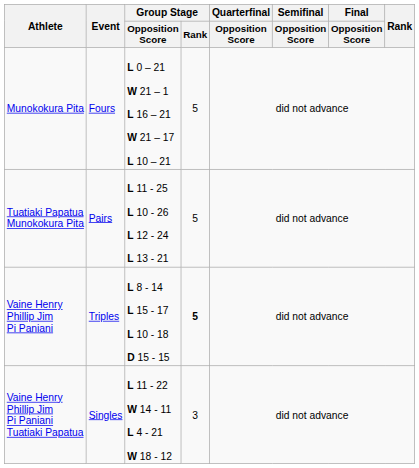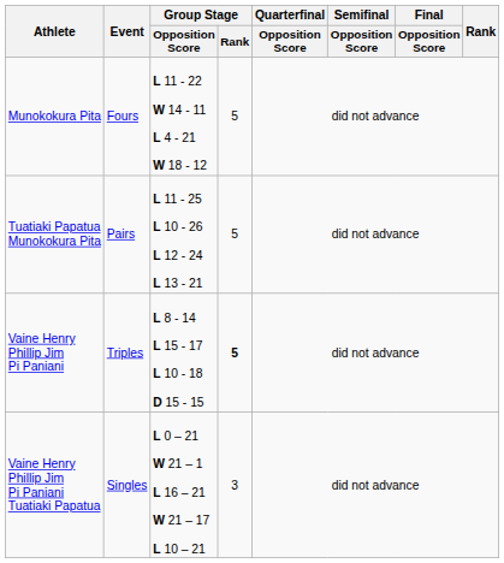 <table class="wikitable" style="font-size:88%">
 <tr>
 <th rowspan=2>Athlete</th>
 <th rowspan=2>Event</th>
 <th colspan=2>Group Stage</th>
 <th>Quarterfinal</th>
 <th>Semifinal</th>
 <th>Final</th>
 <th rowspan=2>Rank</th>
 </tr>
 <tr style="font-size:95%">
 <th>Opposition<br>Score</th>
 <th>Rank</th>
 <th>Opposition<br>Score</th>
 <th>Opposition<br>Score</th>
 <th>Opposition<br>Score</th>
 </tr>
 <tr align=center>
 <td align=left><a href='#'>Munokokura Pita</a></td>
 <td align=left><a href='#'>Fours</a></td>
-<td align=left><br><strong>L</strong> 0 – 21<br><br><strong>W</strong> 21 – 1<br><br><strong>L</strong> 16 – 21<br><br><strong>W</strong> 21 – 17<br><br><strong>L</strong> 10 – 21</td>
+<td align=left><br><strong>L</strong> 11 - 22<br><br><strong>W</strong> 14 - 11<br><br><strong>L</strong> 4 - 21<br><br><strong>W</strong> 18 - 12</td>
 <td>5</td>
 <td colspan=4>did not advance</td>
 </tr>
 <tr align=center>
 <td align=left><a href='#'>Tuatiaki Papatua</a><br><a href='#'>Munokokura Pita</a></td>
 <td align=left><a href='#'>Pairs</a></td>
 <td align=left><br><strong>L</strong> 11 - 25<br><br><strong>L</strong> 10 - 26<br><br><strong>L</strong> 12 - 24<br><br><strong>L</strong> 13 - 21</td>
 <td>5</td>
 <td colspan=4>did not advance</td>
 </tr>
 <tr align=center>
 <td align=left><a href='#'>Vaine Henry</a><br><a href='#'>Phillip Jim</a><br><a href='#'>Pi Paniani</a></td>
 <td align=left><a href='#'>Triples</a></td>
 <td align=left><br><strong>L</strong> 8 - 14<br><br><strong>L</strong> 15 - 17<br><br><strong>L</strong> 10 - 18<br><br><strong>D</strong> 15 - 15</td>
 <td><strong>5</strong></td>
 <td colspan=4>did not advance</td>
 </tr>
 <tr align=center>
 <td align=left><a href='#'>Vaine Henry</a><br><a href='#'>Phillip Jim</a><br><a href='#'>Pi Paniani</a><br><a href='#'>Tuatiaki Papatua</a></td>
 <td align=left><a href='#'>Singles</a></td>
-<td align=left><br><strong>L</strong> 11 - 22<br><br><strong>W</strong> 14 - 11<br><br><strong>L</strong> 4 - 21<br><br><strong>W</strong> 18 - 12</td>
+<td align=left><br><strong>L</strong> 0 – 21<br><br><strong>W</strong> 21 – 1<br><br><strong>L</strong> 16 – 21<br><br><strong>W</strong> 21 – 17<br><br><strong>L</strong> 10 – 21</td>
 <td>3</td>
 <td colspan=4>did not advance</td>
 </tr>
 </table>
